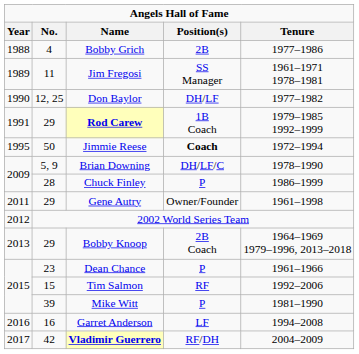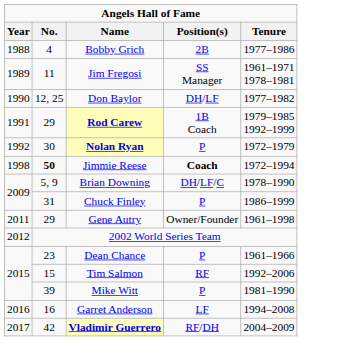 <table class="wikitable" style="text-align:center">
 <tr>
 <td colspan="5"><strong>Angels Hall of Fame</strong></td>
 </tr>
 <tr>
 <th scope="col">Year</th>
 <th scope="col">No.</th>
 <th scope="col">Name</th>
 <th scope="col">Position(s)</th>
 <th scope="col">Tenure</th>
 </tr>
 <tr>
 <td>1988</td>
 <td>4</td>
 <td><a href='#'>Bobby Grich</a></td>
 <td><a href='#'>2B</a></td>
 <td>1977–1986</td>
 </tr>
 <tr>
 <td>1989</td>
 <td>11</td>
 <td><a href='#'>Jim Fregosi</a></td>
 <td><a href='#'>SS</a><br>Manager</td>
 <td>1961–1971<br>1978–1981</td>
 </tr>
 <tr>
 <td>1990</td>
 <td>12, 25</td>
 <td><a href='#'>Don Baylor</a></td>
 <td><a href='#'>DH</a>/<a href='#'>LF</a></td>
 <td>1977–1982</td>
 </tr>
 <tr>
 <td>1991</td>
 <td>29</td>
 <td style="background:#ffb;"><strong><a href='#'>Rod Carew</a></strong></td>
 <td><a href='#'>1B</a><br>Coach</td>
 <td>1979–1985<br>1992–1999</td>
 </tr>
 <tr>
-<td>1995</td>
-<td>50</td>
+<td>1992</td>
+<td>30</td>
+<td style="background:#ffb;"><strong><a href='#'>Nolan Ryan</a></strong></td>
+<td><a href='#'>P</a></td>
+<td>1972–1979</td>
+</tr>
+<tr>
+<td>1998</td>
+<td><strong>50</strong></td>
 <td><a href='#'>Jimmie Reese</a></td>
 <td><strong>Coach</strong></td>
 <td>1972–1994</td>
 </tr>
 <tr>
 <td rowspan=2>2009</td>
 <td>5, 9</td>
 <td><a href='#'>Brian Downing</a></td>
 <td><a href='#'>DH</a>/<a href='#'>LF</a>/<a href='#'>C</a></td>
 <td>1978–1990</td>
 </tr>
 <tr>
-<td>28</td>
+<td>31</td>
 <td><a href='#'>Chuck Finley</a></td>
 <td><a href='#'>P</a></td>
 <td>1986–1999</td>
 </tr>
 <tr>
 <td>2011</td>
 <td>29</td>
 <td><a href='#'>Gene Autry</a></td>
 <td>Owner/Founder</td>
 <td>1961–1998</td>
 </tr>
 <tr>
 <td>2012</td>
 <td colspan="4" style="text-align:center;"><a href='#'>2002 World Series Team</a></td>
-</tr>
-<tr>
-<td>2013</td>
-<td>29</td>
-<td><a href='#'>Bobby Knoop</a></td>
-<td><a href='#'>2B</a><br>Coach</td>
-<td>1964–1969<br>1979–1996, 2013–2018</td>
 </tr>
 <tr>
 <td rowspan=3>2015</td>
 <td>23</td>
 <td><a href='#'>Dean Chance</a></td>
 <td><a href='#'>P</a></td>
 <td>1961–1966</td>
 </tr>
 <tr>
 <td>15</td>
 <td><a href='#'>Tim Salmon</a></td>
 <td><a href='#'>RF</a></td>
 <td>1992–2006</td>
 </tr>
 <tr>
 <td>39</td>
 <td><a href='#'>Mike Witt</a></td>
 <td><a href='#'>P</a></td>
 <td>1981–1990</td>
 </tr>
 <tr>
 <td>2016</td>
 <td>16</td>
 <td><a href='#'>Garret Anderson</a></td>
 <td><a href='#'>LF</a></td>
 <td>1994–2008</td>
 </tr>
 <tr>
 <td>2017</td>
 <td>42</td>
 <td style="background:#ffb;"><strong><a href='#'>Vladimir Guerrero</a></strong></td>
 <td><a href='#'>RF</a>/<a href='#'>DH</a></td>
 <td>2004–2009</td>
 </tr>
 </table>
